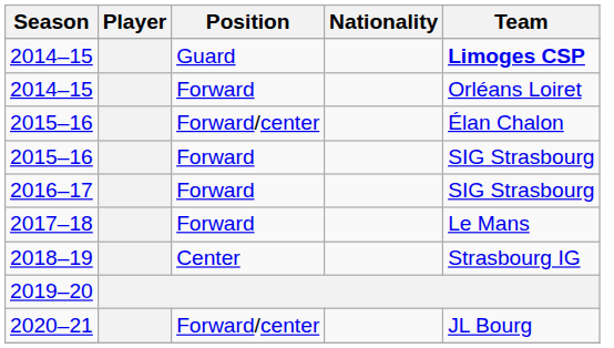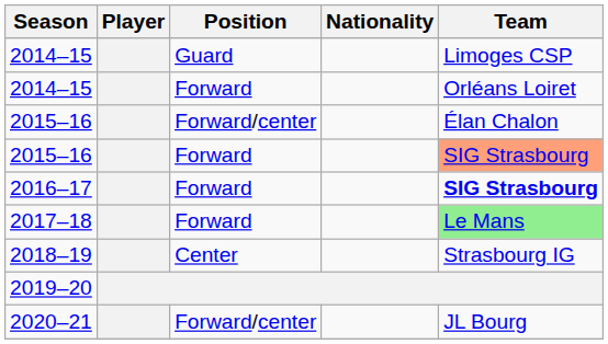 <table class="wikitable plainrowheaders sortable" summary="Season (sortable), Player (sortable), Position (sortable), Nationality (sortable) and Team (sortable)">
 <tr>
 <th scope="col">Season</th>
 <th scope="col">Player</th>
 <th scope="col">Position</th>
 <th scope="col">Nationality</th>
 <th scope="col">Team</th>
 </tr>
 <tr>
 </tr>
 <tr>
 <td><a href='#'>2014–15</a></td>
 <th scope="row"></th>
 <td><a href='#'>Guard</a></td>
 <td></td>
-<td><strong><a href='#'>Limoges CSP</a></strong></td>
+<td><a href='#'>Limoges CSP</a></td>
 </tr>
 <tr>
 <td><a href='#'>2014–15</a></td>
 <th scope="row"></th>
 <td><a href='#'>Forward</a></td>
 <td></td>
 <td><a href='#'>Orléans Loiret</a></td>
 </tr>
 <tr>
 <td><a href='#'>2015–16</a></td>
 <th scope="row"></th>
 <td><a href='#'>Forward</a>/<a href='#'>center</a></td>
 <td></td>
 <td><a href='#'>Élan Chalon</a></td>
 </tr>
 <tr>
 <td><a href='#'>2015–16</a></td>
 <th scope="row"></th>
 <td><a href='#'>Forward</a></td>
 <td></td>
-<td><a href='#'>SIG Strasbourg</a></td>
+<td style="background: lightsalmon;"><a href='#'>SIG Strasbourg</a></td>
 </tr>
 <tr>
 <td><a href='#'>2016–17</a></td>
 <th scope="row"></th>
 <td><a href='#'>Forward</a></td>
 <td></td>
-<td><a href='#'>SIG Strasbourg</a></td>
+<td><strong><a href='#'>SIG Strasbourg</a></strong></td>
 </tr>
 <tr>
 <td><a href='#'>2017–18</a></td>
 <th scope="row"></th>
 <td><a href='#'>Forward</a></td>
 <td></td>
-<td><a href='#'>Le Mans</a></td>
+<td style="background: lightgreen;"><a href='#'>Le Mans</a></td>
 </tr>
 <tr>
 <td><a href='#'>2018–19</a></td>
 <th scope="row"></th>
 <td><a href='#'>Center</a></td>
 <td></td>
 <td><a href='#'>Strasbourg IG</a></td>
 </tr>
 <tr>
 <td><a href='#'>2019–20</a></td>
 <th scope="row" colspan=5></th>
 </tr>
 <tr>
 <td><a href='#'>2020–21</a></td>
 <th scope="row"></th>
 <td><a href='#'>Forward</a>/<a href='#'>center</a></td>
 <td></td>
 <td><a href='#'>JL Bourg</a></td>
 </tr>
 <tr>
 </tr>
 </table>
